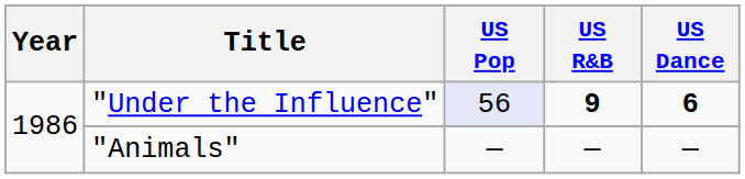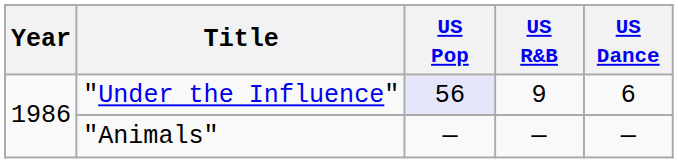 <table class="wikitable">
 <tr>
 <th>Year</th>
 <th>Title</th>
 <th width="40"><small><a href='#'>US<br>Pop</a></small></th>
 <th width="40"><small><a href='#'>US<br>R&B</a></small></th>
 <th width="40"><small><a href='#'>US<br>Dance</a></small></th>
 </tr>
 <tr>
 <td rowspan="2">1986</td>
 <td>"<a href='#'>Under the Influence</a>"</td>
 <td style="background: lavender; text-align:center;">56</td>
-<td style="text-align:center;"><strong>9</strong></td>
-<td style="text-align:center;"><strong>6</strong></td>
+<td style="text-align:center;">9</td>
+<td style="text-align:center;">6</td>
 </tr>
 <tr>
 <td>"Animals"</td>
 <td style="text-align:center;">—</td>
 <td style="text-align:center;">—</td>
 <td style="text-align:center;">—</td>
 </tr>
 </table>
